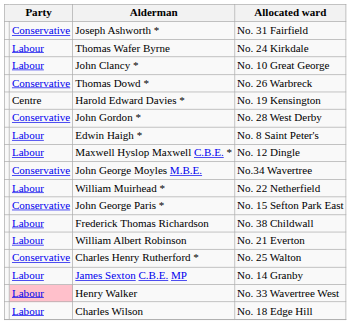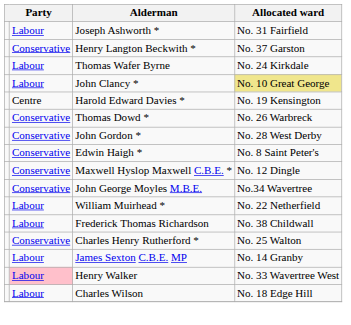 <table class="wikitable">
 <tr>
 <th colspan="2">Party</th>
 <th>Alderman</th>
 <th>Allocated ward</th>
 </tr>
 <tr>
 <td style="background-color:"></td>
-<td><a href='#'>Conservative</a></td>
+<td><a href='#'>Labour</a></td>
 <td>Joseph Ashworth *</td>
 <td>No. 31 Fairfield</td>
+</tr>
+<tr>
+<td style="background-color:"></td>
+<td><a href='#'>Conservative</a></td>
+<td>Henry Langton Beckwith *</td>
+<td>No. 37 Garston</td>
 </tr>
 <tr>
 <td style="background-color:"></td>
 <td><a href='#'>Labour</a></td>
 <td>Thomas Wafer Byrne</td>
 <td>No. 24 Kirkdale</td>
 </tr>
 <tr>
 <td style="background-color:"></td>
 <td><a href='#'>Labour</a></td>
 <td>John Clancy *</td>
-<td>No. 10 Great George</td>
-</tr>
-<tr>
-<td style="background-color:"></td>
-<td><a href='#'>Conservative</a></td>
-<td>Thomas Dowd *</td>
-<td>No. 26 Warbreck</td>
+<td style="background: khaki;">No. 10 Great George</td>
 </tr>
 <tr>
 <td style="background-color:"></td>
 <td>Centre</td>
 <td>Harold Edward Davies *</td>
 <td>No. 19 Kensington</td>
 </tr>
 <tr>
 <td style="background-color:"></td>
 <td><a href='#'>Conservative</a></td>
+<td>Thomas Dowd *</td>
+<td>No. 26 Warbreck</td>
+</tr>
+<tr>
+<td style="background-color:"></td>
+<td><a href='#'>Conservative</a></td>
 <td>John Gordon  *</td>
 <td>No. 28 West Derby</td>
 </tr>
 <tr>
 <td style="background-color:"></td>
-<td><a href='#'>Labour</a></td>
+<td><a href='#'>Conservative</a></td>
 <td>Edwin Haigh *</td>
 <td>No. 8 Saint Peter's</td>
 </tr>
 <tr>
 <td style="background-color:"></td>
-<td><a href='#'>Labour</a></td>
+<td><a href='#'>Conservative</a></td>
 <td>Maxwell Hyslop Maxwell <a href='#'>C.B.E.</a> *</td>
 <td>No. 12 Dingle</td>
 </tr>
 <tr>
 <td style="background-color:"></td>
 <td><a href='#'>Conservative</a></td>
 <td>John George Moyles <a href='#'>M.B.E.</a></td>
 <td>No.34 Wavertree</td>
 </tr>
 <tr>
 <td style="background-color:"></td>
 <td><a href='#'>Labour</a></td>
 <td>William Muirhead *</td>
 <td>No. 22 Netherfield</td>
 </tr>
 <tr>
 <td style="background-color:"></td>
-<td><a href='#'>Conservative</a></td>
-<td>John George Paris *</td>
-<td>No. 15 Sefton Park East</td>
-</tr>
-<tr>
-<td style="background-color:"></td>
 <td><a href='#'>Labour</a></td>
 <td>Frederick Thomas Richardson</td>
 <td>No. 38 Childwall</td>
-</tr>
-<tr>
-<td style="background-color:"></td>
-<td><a href='#'>Labour</a></td>
-<td>William Albert Robinson</td>
-<td>No. 21 Everton</td>
 </tr>
 <tr>
 <td style="background-color:"></td>
 <td><a href='#'>Conservative</a></td>
 <td>Charles Henry Rutherford *</td>
 <td>No. 25 Walton</td>
 </tr>
 <tr>
 <td style="background-color:"></td>
 <td><a href='#'>Labour</a></td>
 <td><a href='#'>James Sexton</a> <a href='#'>C.B.E.</a> <a href='#'>MP</a></td>
 <td>No. 14 Granby</td>
 </tr>
 <tr>
 <td style="background-color:"></td>
 <td style="background: pink;"><a href='#'>Labour</a></td>
 <td>Henry Walker</td>
 <td>No. 33 Wavertree West</td>
 </tr>
 <tr>
 <td style="background-color:"></td>
 <td><a href='#'>Labour</a></td>
 <td>Charles Wilson</td>
 <td>No. 18 Edge Hill</td>
 </tr>
 <tr>
 </tr>
 </table>
